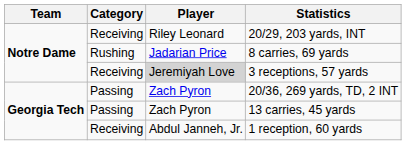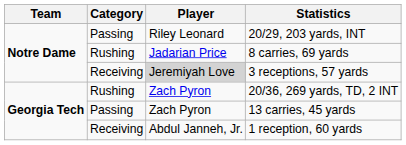 <table class="wikitable" style="float: right;">
 <tr>
 <th>Team</th>
 <th>Category</th>
 <th>Player</th>
 <th>Statistics</th>
 </tr>
 <tr>
 <td rowspan=3><strong>Notre Dame</strong></td>
-<td>Receiving</td>
+<td>Passing</td>
 <td>Riley Leonard</td>
 <td>20/29, 203 yards, INT</td>
 </tr>
 <tr>
 <td>Rushing</td>
 <td><a href='#'>Jadarian Price</a></td>
 <td>8 carries, 69 yards</td>
 </tr>
 <tr>
 <td>Receiving</td>
 <td style="background: lightgrey;">Jeremiyah Love</td>
 <td>3 receptions, 57 yards</td>
 </tr>
 <tr>
 <td rowspan=3><strong>Georgia Tech</strong></td>
-<td>Passing</td>
+<td>Rushing</td>
 <td><a href='#'>Zach Pyron</a></td>
 <td>20/36, 269 yards, TD, 2 INT</td>
 </tr>
 <tr>
 <td>Passing</td>
 <td>Zach Pyron</td>
 <td>13 carries, 45 yards</td>
 </tr>
 <tr>
 <td>Receiving</td>
 <td>Abdul Janneh, Jr.</td>
 <td>1 reception, 60 yards</td>
 </tr>
 </table>
